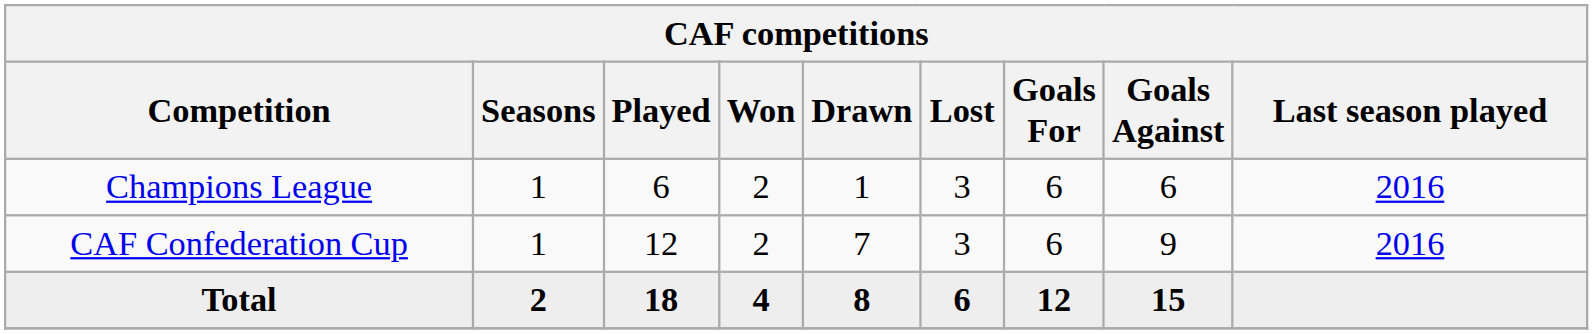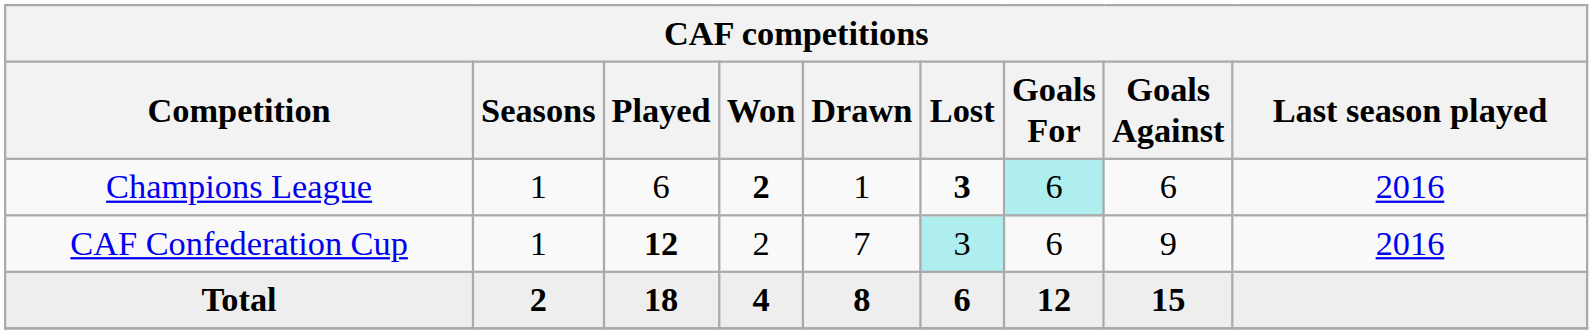 <table class="wikitable" style="font-size:95%; text-align: center;">
 <tr>
 <th colspan="9">CAF competitions</th>
 </tr>
 <tr>
 <th width="200">Competition</th>
 <th width="30">Seasons</th>
 <th width="30">Played</th>
 <th width="30">Won</th>
 <th width="30">Drawn</th>
 <th width="30">Lost</th>
 <th width="30">Goals For</th>
 <th width="30">Goals Against</th>
 <th width="150">Last season played</th>
 </tr>
 <tr>
 <td><a href='#'>Champions League</a></td>
 <td>1</td>
 <td>6</td>
-<td>2</td>
+<td><strong>2</strong></td>
 <td>1</td>
-<td>3</td>
-<td>6</td>
+<td><strong>3</strong></td>
+<td style="background: paleturquoise;">6</td>
 <td>6</td>
 <td><a href='#'>2016</a></td>
 </tr>
 <tr>
 <td><a href='#'>CAF Confederation Cup</a></td>
 <td>1</td>
-<td>12</td>
+<td><strong>12</strong></td>
 <td>2</td>
 <td>7</td>
-<td>3</td>
+<td style="background: paleturquoise;">3</td>
 <td>6</td>
 <td>9</td>
 <td><a href='#'>2016</a></td>
 </tr>
 <tr bgcolor=#EEEEEE>
 <td><strong>Total</strong></td>
 <td><strong>2</strong></td>
 <td><strong>18</strong></td>
 <td><strong>4</strong></td>
 <td><strong>8</strong></td>
 <td><strong>6</strong></td>
 <td><strong>12</strong></td>
 <td><strong>15</strong></td>
 <td></td>
 </tr>
 <tr>
 </tr>
 </table>
